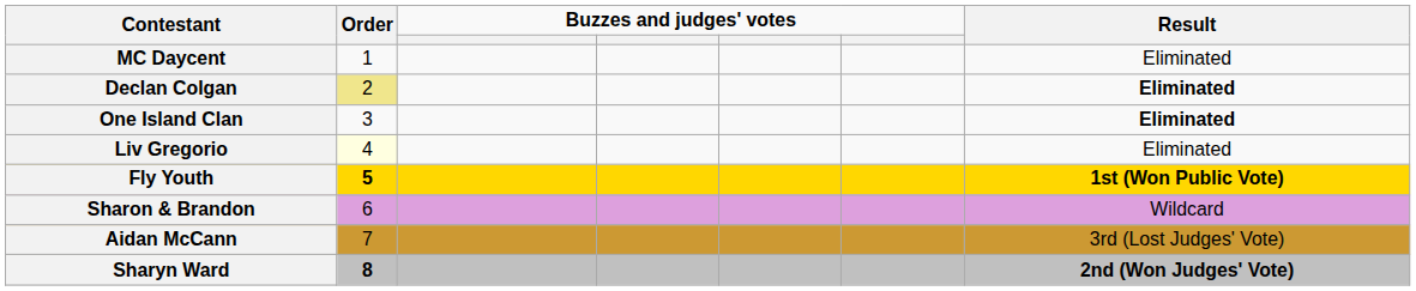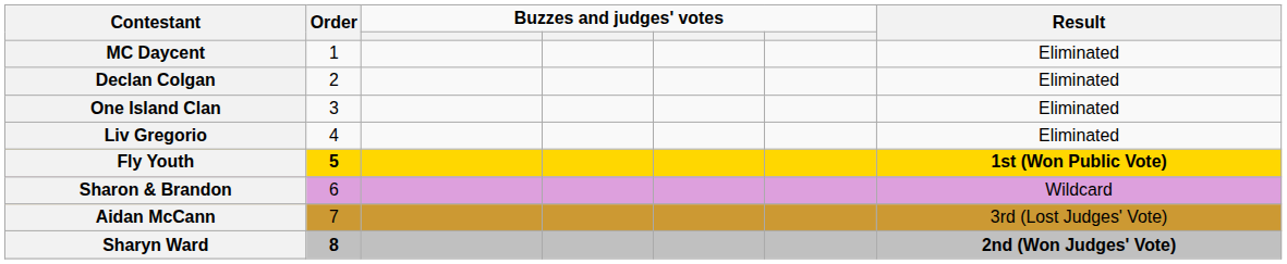 <table class="wikitable sortable plainrowheaders" style="text-align:center;">
 <tr>
 <th scope="col" rowspan="2"  style="width:17em;">Contestant</th>
 <th scope="col" rowspan="2"  style="width:1em;">Order</th>
 <td colspan="4"><strong>Buzzes and judges' votes</strong></td>
 <th rowspan="2" scope="col" style="width:23em;">Result</th>
 </tr>
 <tr>
 <th scope="col" style="width:10em;"></th>
 <th scope="col" style="width:6em;"></th>
 <th scope="col" style="width:6em;"></th>
 <th scope="col" style="width:6em;"></th>
 </tr>
 <tr>
 <th scope="row">MC Daycent</th>
 <td>1</td>
 <td></td>
 <td></td>
 <td></td>
 <td></td>
 <td>Eliminated</td>
 </tr>
 <tr>
 <th scope="row">Declan Colgan</th>
-<td style="background: khaki;">2</td>
+<td>2</td>
 <td></td>
 <td></td>
 <td></td>
 <td></td>
-<td><strong>Eliminated</strong></td>
+<td>Eliminated</td>
 </tr>
 <tr>
 <th scope="row">One Island Clan</th>
 <td>3</td>
 <td></td>
 <td></td>
 <td></td>
 <td></td>
-<td><strong>Eliminated</strong></td>
+<td>Eliminated</td>
 </tr>
 <tr>
 <th scope="row">Liv Gregorio</th>
-<td style="background: lightyellow;">4</td>
+<td>4</td>
 <td></td>
 <td></td>
 <td></td>
 <td></td>
 <td>Eliminated</td>
 </tr>
 <tr bgcolor=gold>
 <th scope="row"><strong>Fly Youth</strong></th>
 <td><strong>5</strong></td>
 <td></td>
 <td></td>
 <td></td>
 <td></td>
 <td><strong>1st (Won Public Vote)</strong></td>
 </tr>
 <tr bgcolor="#DDA0DD">
 <th scope="row">Sharon & Brandon</th>
 <td>6</td>
 <td></td>
 <td></td>
 <td></td>
 <td></td>
 <td>Wildcard</td>
 </tr>
 <tr bgcolor="#cc9933">
 <th scope="row">Aidan McCann</th>
 <td>7</td>
 <td></td>
 <td></td>
 <td></td>
 <td></td>
 <td>3rd (Lost Judges' Vote)</td>
 </tr>
 <tr bgcolor="silver">
 <th scope="row"><strong>Sharyn Ward</strong></th>
 <td><strong>8</strong></td>
 <td align="center"></td>
 <td align="center"></td>
 <td align="center"></td>
 <td align="center"></td>
 <td><strong>2nd (Won Judges' Vote)</strong></td>
 </tr>
 </table>
